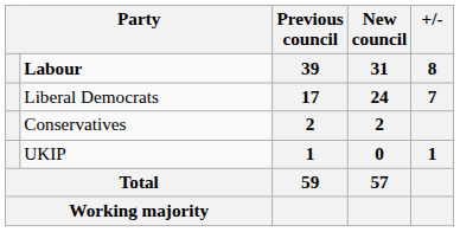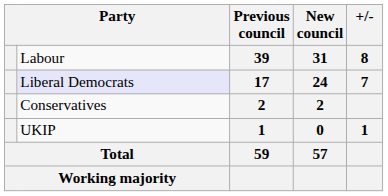 <table class="wikitable">
 <tr>
 <th valign=top colspan="2" style="width: 230px">Party</th>
 <th valign=top style="width: 30px">Previous council</th>
 <th valign=top style="width: 30px">New council</th>
 <th valign=top style="width: 30px">+/-</th>
 </tr>
 <tr>
 <th style="background-color: "></th>
-<td><strong>Labour</strong></td>
+<td>Labour</td>
 <th align=center>39</th>
 <th align=center>31</th>
 <th align=center>8</th>
 </tr>
 <tr>
 <th style="background-color: "></th>
-<td>Liberal Democrats</td>
+<td style="background: lavender;">Liberal Democrats</td>
 <th align=center>17</th>
 <th align=center>24</th>
 <th align=center>7</th>
 </tr>
 <tr>
 <th style="background-color: "></th>
 <td>Conservatives</td>
 <th align=center>2</th>
 <th align=center>2</th>
 <th align=center></th>
 </tr>
 <tr>
 <th style="background-color: "></th>
 <td>UKIP</td>
 <th align=center>1</th>
 <th align=center>0</th>
 <th align=center>1</th>
 </tr>
 <tr>
 <th colspan=2>Total</th>
 <th style="text-align: center">59</th>
 <th style="text-align: center">57</th>
 <th></th>
 </tr>
 <tr>
 <th colspan=2>Working majority</th>
 <th></th>
 <th></th>
 <th></th>
 </tr>
 </table>
